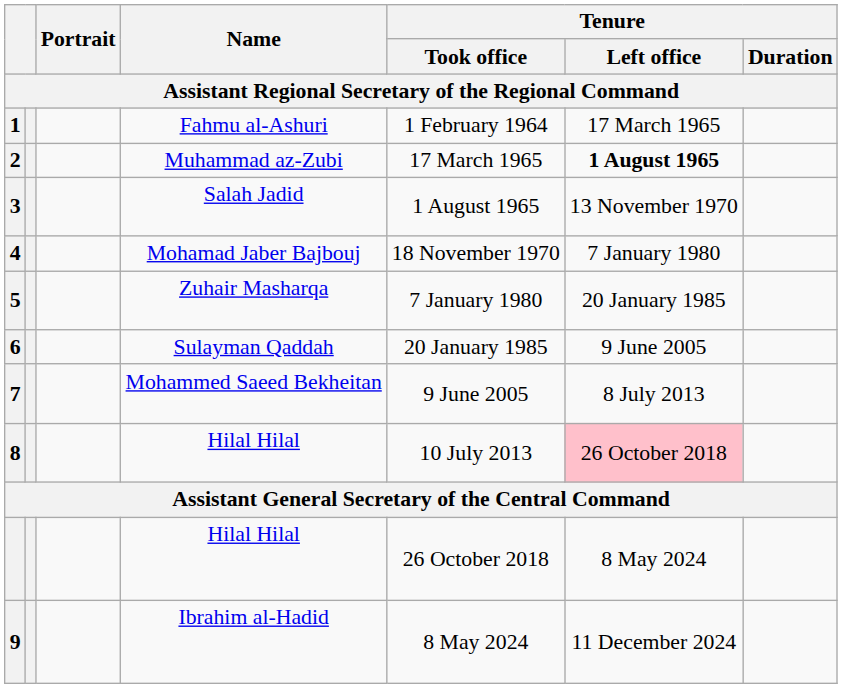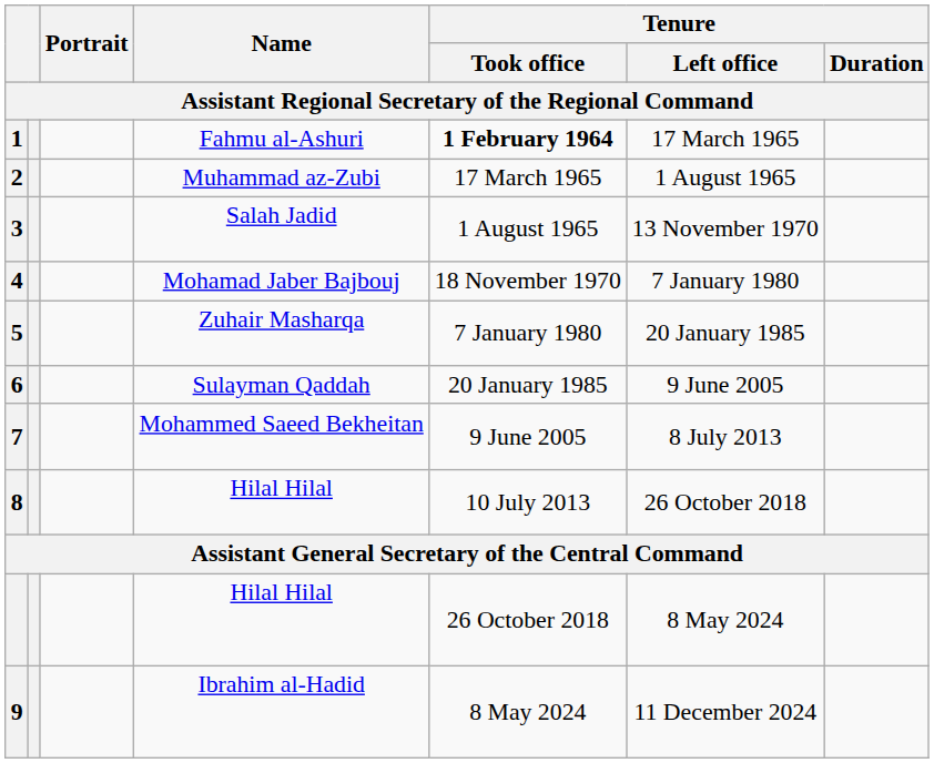 <table class="wikitable" style="text-align:center">
 <tr>
 <th rowspan=2 colspan=2></th>
 <th rowspan=2>Portrait</th>
 <th rowspan=2>Name<br></th>
 <th colspan=3>Tenure</th>
 </tr>
 <tr>
 <th>Took office</th>
 <th>Left office</th>
 <th>Duration</th>
 </tr>
 <tr>
 <th colspan=7>Assistant Regional Secretary of the Regional Command</th>
 </tr>
 <tr>
 <th>1</th>
 <th style="background:"></th>
 <td></td>
 <td><a href='#'>Fahmu al-Ashuri</a><br></td>
-<td>1 February 1964</td>
+<td><strong>1 February 1964</strong></td>
 <td>17 March 1965</td>
 <td></td>
 </tr>
 <tr>
 <th>2</th>
 <th style="background:"></th>
 <td></td>
 <td><a href='#'>Muhammad az-Zubi</a><br></td>
 <td>17 March 1965</td>
-<td><strong>1 August 1965</strong></td>
+<td>1 August 1965</td>
 <td></td>
 </tr>
 <tr>
 <th>3</th>
 <th style="background:"></th>
 <td></td>
 <td><a href='#'>Salah Jadid</a><br><br></td>
 <td>1 August 1965</td>
 <td>13 November 1970</td>
 <td></td>
 </tr>
 <tr>
 <th>4</th>
 <th style="background:"></th>
 <td></td>
 <td><a href='#'>Mohamad Jaber Bajbouj</a><br></td>
 <td>18 November 1970</td>
 <td>7 January 1980</td>
 <td></td>
 </tr>
 <tr>
 <th>5</th>
 <th style="background:"></th>
 <td></td>
 <td><a href='#'>Zuhair Masharqa</a><br><br></td>
 <td>7 January 1980</td>
 <td>20 January 1985</td>
 <td></td>
 </tr>
 <tr>
 <th>6</th>
 <th style="background:"></th>
 <td></td>
 <td><a href='#'>Sulayman Qaddah</a><br></td>
 <td>20 January 1985</td>
 <td>9 June 2005</td>
 <td></td>
 </tr>
 <tr>
 <th>7</th>
 <th style="background:"></th>
 <td></td>
 <td><a href='#'>Mohammed Saeed Bekheitan</a><br><br></td>
 <td>9 June 2005</td>
 <td>8 July 2013</td>
 <td></td>
 </tr>
 <tr>
 <th>8</th>
 <th style="background:"></th>
 <td></td>
 <td><a href='#'>Hilal Hilal</a><br><br></td>
 <td>10 July 2013</td>
-<td style="background: pink;">26 October 2018</td>
+<td>26 October 2018</td>
 <td></td>
 </tr>
 <tr>
 <th colspan=7>Assistant General Secretary of the Central Command</th>
 </tr>
 <tr>
 <th></th>
 <th style="background:"></th>
 <td></td>
 <td><a href='#'>Hilal Hilal</a><br><br><br></td>
 <td>26 October 2018</td>
 <td>8 May 2024</td>
 <td></td>
 </tr>
 <tr>
 <th>9</th>
 <th style="background:"></th>
 <td></td>
 <td><a href='#'>Ibrahim al-Hadid</a><br><br><br></td>
 <td>8 May 2024</td>
 <td>11 December 2024</td>
 <td></td>
 </tr>
 </table>
